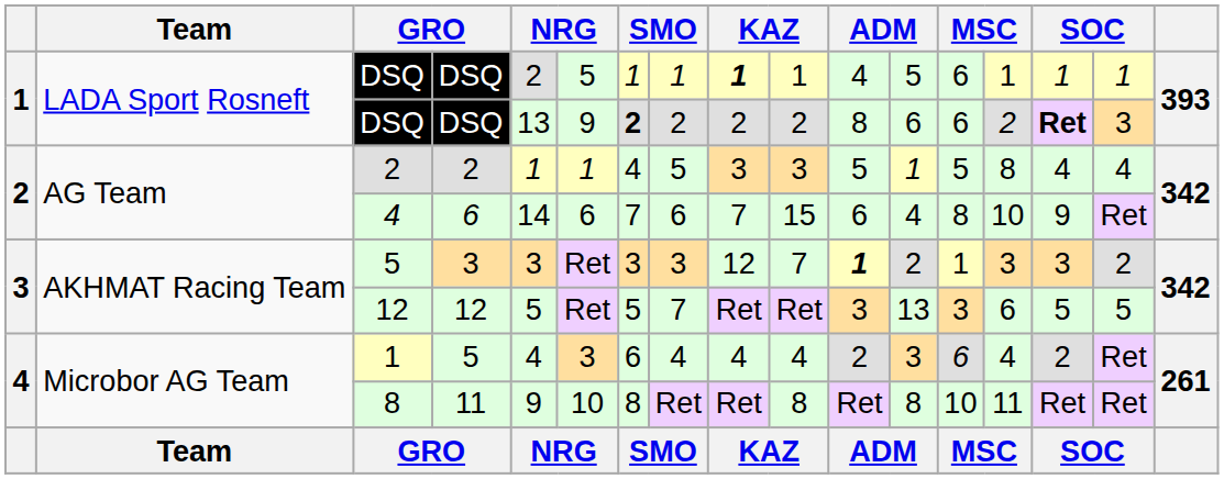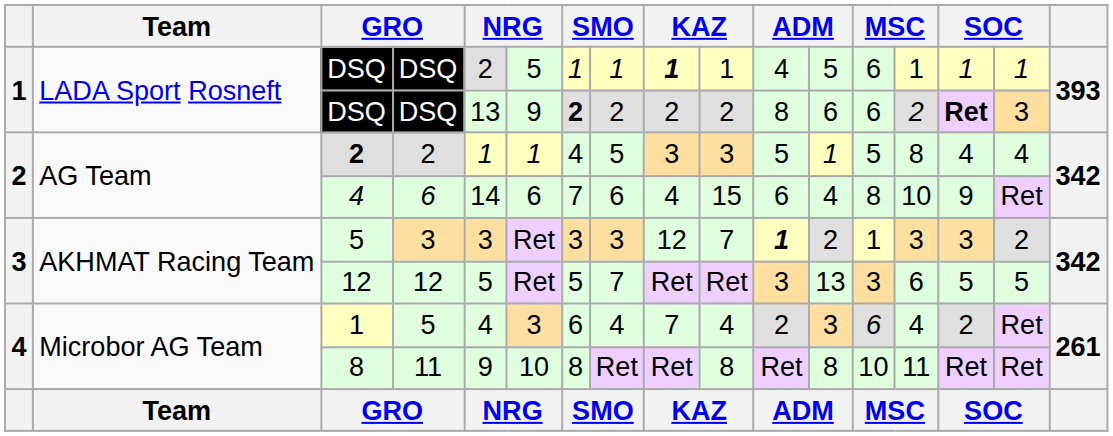 <table align=left| class="wikitable" style="font-size: 85%; text-align: center">
 <tr valign="top">
 <th valign="middle"></th>
 <th valign="middle">Team</th>
 <th colspan=2><a href='#'>GRO</a></th>
 <th colspan=2><a href='#'>NRG</a></th>
 <th colspan=2><a href='#'>SMO</a></th>
 <th colspan=2><a href='#'>KAZ</a></th>
 <th colspan=2><a href='#'>ADM</a></th>
 <th colspan=2><a href='#'>MSC</a></th>
 <th colspan=2><a href='#'>SOC</a></th>
 <th valign="middle"></th>
 </tr>
 <tr>
 <th rowspan="2">1</th>
 <td rowspan="2" align=left><a href='#'>LADA Sport</a> <a href='#'>Rosneft</a></td>
 <td style="background-color:#000000;color:white">DSQ</td>
 <td style="background-color:#000000;color:white">DSQ</td>
 <td style="background:#dfdfdf;">2</td>
 <td style="background:#dfffdf;">5</td>
 <td style="background:#ffffbf;"><em>1</em></td>
 <td style="background:#ffffbf;"><em>1</em></td>
 <td style="background:#ffffbf;"><strong><em>1</em></strong></td>
 <td style="background:#ffffbf;">1</td>
 <td style="background:#dfffdf;">4</td>
 <td style="background:#dfffdf;">5</td>
 <td style="background:#dfffdf;">6</td>
 <td style="background:#ffffbf;">1</td>
 <td style="background:#ffffbf;"><em>1</em></td>
 <td style="background:#ffffbf;"><em>1</em></td>
 <th rowspan="2">393</th>
 </tr>
 <tr>
 <td style="background-color:#000000;color:white">DSQ</td>
 <td style="background-color:#000000;color:white">DSQ</td>
 <td style="background:#dfffdf;">13</td>
 <td style="background:#dfffdf;">9</td>
 <td style="background:#dfdfdf;"><strong>2</strong></td>
 <td style="background:#dfdfdf;">2</td>
 <td style="background:#dfdfdf;">2</td>
 <td style="background:#dfdfdf;">2</td>
 <td style="background:#dfffdf;">8</td>
 <td style="background:#dfffdf;">6</td>
 <td style="background:#dfffdf;">6</td>
 <td style="background:#dfdfdf;"><em>2</em></td>
 <td style="background:#efcfff;"><strong>Ret</strong></td>
 <td style="background:#ffdf9f;">3</td>
 </tr>
 <tr>
 <th rowspan="2">2</th>
 <td rowspan="2" align=left>AG Team</td>
-<td style="background:#dfdfdf;">2</td>
+<td style="background:#dfdfdf;"><strong>2</strong></td>
 <td style="background:#dfdfdf;">2</td>
 <td style="background:#ffffbf;"><em>1</em></td>
 <td style="background:#ffffbf;"><em>1</em></td>
 <td style="background:#dfffdf;">4</td>
 <td style="background:#dfffdf;">5</td>
 <td style="background:#ffdf9f;">3</td>
 <td style="background:#ffdf9f;">3</td>
 <td style="background:#dfffdf;">5</td>
 <td style="background:#ffffbf;"><em>1</em></td>
 <td style="background:#dfffdf;">5</td>
 <td style="background:#dfffdf;">8</td>
 <td style="background:#dfffdf;">4</td>
 <td style="background:#dfffdf;">4</td>
 <th rowspan="2">342</th>
 </tr>
 <tr>
 <td style="background:#dfffdf;"><em>4</em></td>
 <td style="background:#dfffdf;"><em>6</em></td>
 <td style="background:#dfffdf;">14</td>
 <td style="background:#dfffdf;">6</td>
 <td style="background:#dfffdf;">7</td>
 <td style="background:#dfffdf;">6</td>
-<td style="background:#dfffdf;">7</td>
+<td style="background:#dfffdf;">4</td>
 <td style="background:#dfffdf;">15</td>
 <td style="background:#dfffdf;">6</td>
 <td style="background:#dfffdf;">4</td>
 <td style="background:#dfffdf;">8</td>
 <td style="background:#dfffdf;">10</td>
 <td style="background:#dfffdf;">9</td>
 <td style="background:#efcfff;">Ret</td>
 </tr>
 <tr>
 <th rowspan="2">3</th>
 <td rowspan="2" align=left>AKHMAT Racing Team</td>
 <td style="background:#dfffdf;">5</td>
 <td style="background:#ffdf9f;">3</td>
 <td style="background:#ffdf9f;">3</td>
 <td style="background:#efcfff;">Ret</td>
 <td style="background:#ffdf9f;">3</td>
 <td style="background:#ffdf9f;">3</td>
 <td style="background:#dfffdf;">12</td>
 <td style="background:#dfffdf;">7</td>
 <td style="background:#ffffbf;"><strong><em>1</em></strong></td>
 <td style="background:#dfdfdf;">2</td>
 <td style="background:#ffffbf;">1</td>
 <td style="background:#ffdf9f;">3</td>
 <td style="background:#ffdf9f;">3</td>
 <td style="background:#dfdfdf;">2</td>
 <th rowspan="2">342</th>
 </tr>
 <tr>
 <td style="background:#dfffdf;">12</td>
 <td style="background:#dfffdf;">12</td>
 <td style="background:#dfffdf;">5</td>
 <td style="background:#efcfff;">Ret</td>
 <td style="background:#dfffdf;">5</td>
 <td style="background:#dfffdf;">7</td>
 <td style="background:#efcfff;">Ret</td>
 <td style="background:#efcfff;">Ret</td>
 <td style="background:#ffdf9f;">3</td>
 <td style="background:#dfffdf;">13</td>
 <td style="background:#ffdf9f;">3</td>
 <td style="background:#dfffdf;">6</td>
 <td style="background:#dfffdf;">5</td>
 <td style="background:#dfffdf;">5</td>
 </tr>
 <tr>
 <th rowspan="2">4</th>
 <td rowspan="2" align=left>Microbor AG Team</td>
 <td style="background:#ffffbf;">1</td>
 <td style="background:#dfffdf;">5</td>
 <td style="background:#dfffdf;">4</td>
 <td style="background:#ffdf9f;">3</td>
 <td style="background:#dfffdf;">6</td>
 <td style="background:#dfffdf;">4</td>
-<td style="background:#dfffdf;">4</td>
+<td style="background:#dfffdf;">7</td>
 <td style="background:#dfffdf;">4</td>
 <td style="background:#dfdfdf;">2</td>
 <td style="background:#ffdf9f;">3</td>
 <td style="background:#dfdfdf;"><em>6</em></td>
 <td style="background:#dfffdf;">4</td>
 <td style="background:#dfdfdf;">2</td>
 <td style="background:#efcfff;">Ret</td>
 <th rowspan="2">261</th>
 </tr>
 <tr>
 <td style="background:#dfffdf;">8</td>
 <td style="background:#dfffdf;">11</td>
 <td style="background:#dfffdf;">9</td>
 <td style="background:#dfffdf;">10</td>
 <td style="background:#dfffdf;">8</td>
 <td style="background:#efcfff;">Ret</td>
 <td style="background:#efcfff;">Ret</td>
 <td style="background:#dfffdf;">8</td>
 <td style="background:#efcfff;">Ret</td>
 <td style="background:#dfffdf;">8</td>
 <td style="background:#dfffdf;">10</td>
 <td style="background:#dfffdf;">11</td>
 <td style="background:#efcfff;">Ret</td>
 <td style="background:#efcfff;">Ret</td>
 </tr>
 <tr valign="top">
 <th valign="middle"></th>
 <th valign="middle">Team</th>
 <th colspan=2><a href='#'>GRO</a></th>
 <th colspan=2><a href='#'>NRG</a></th>
 <th colspan=2><a href='#'>SMO</a></th>
 <th colspan=2><a href='#'>KAZ</a></th>
 <th colspan=2><a href='#'>ADM</a></th>
 <th colspan=2><a href='#'>MSC</a></th>
 <th colspan=2><a href='#'>SOC</a></th>
 <th valign="middle"></th>
 </tr>
 </table>
